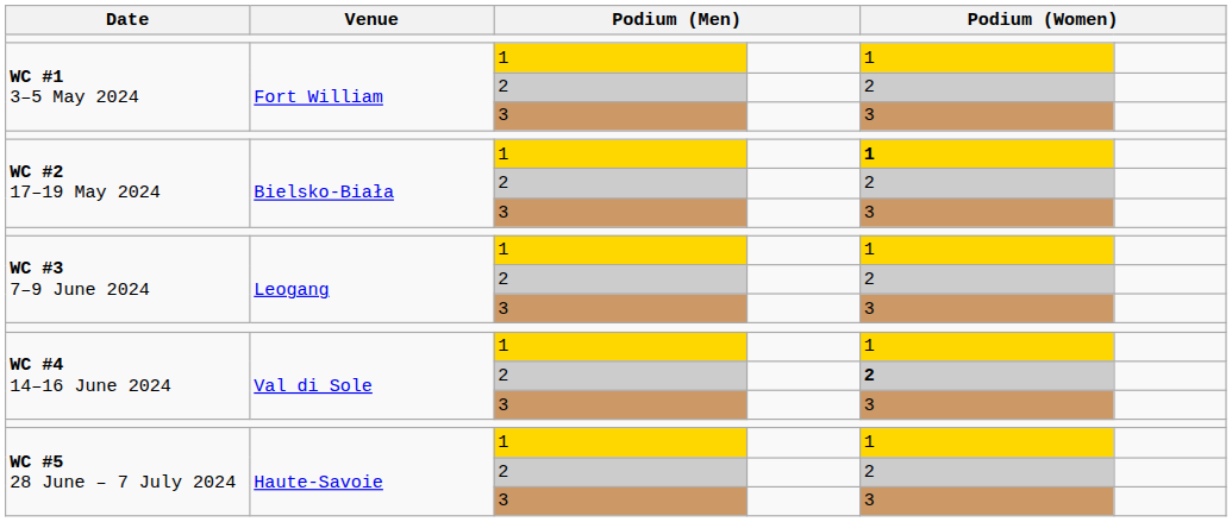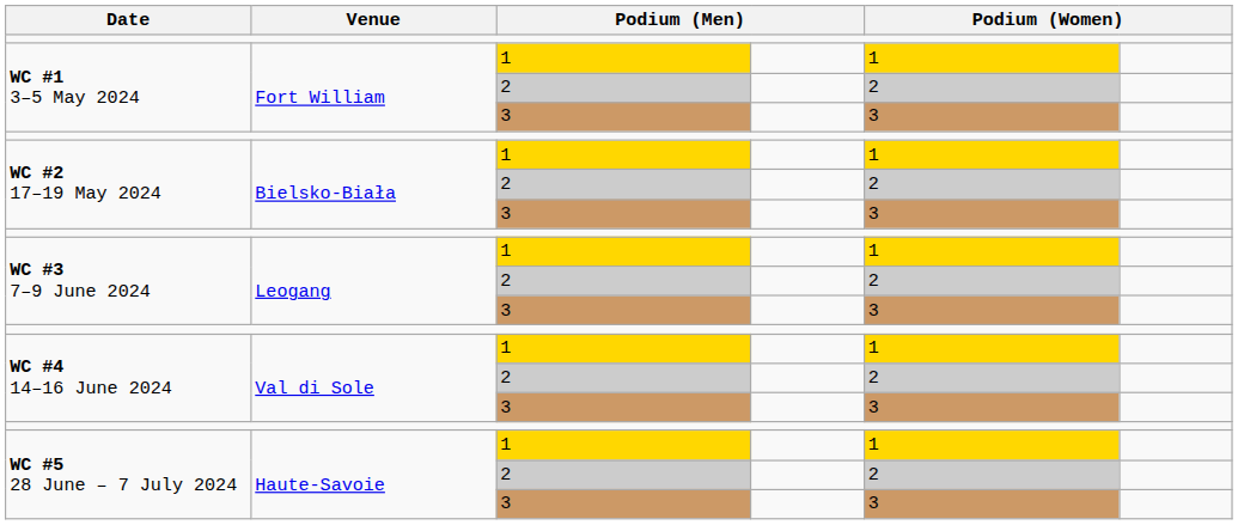 <table class="wikitable" width=70%>
 <tr>
 <th>Date</th>
 <th width=20%>Venue</th>
 <th colspan=2 width=30%>Podium (Men)</th>
 <th colspan=2 width=30%>Podium (Women)</th>
 </tr>
 <tr>
 <td colspan=6></td>
 </tr>
 <tr>
 <td rowspan=3><strong>WC #1</strong> <br> 3–5 May 2024</td>
 <td rowspan=3><br><a href='#'>Fort William</a></td>
 <td bgcolor=FFD700>1</td>
 <td></td>
 <td bgcolor=FFD700>1</td>
 <td></td>
 </tr>
 <tr>
 <td bgcolor=CCCCCC>2</td>
 <td></td>
 <td bgcolor=CCCCCC>2</td>
 <td></td>
 </tr>
 <tr>
 <td bgcolor=CC9966>3</td>
 <td></td>
 <td bgcolor=CC9966>3</td>
 <td></td>
 </tr>
 <tr>
 <td colspan=6></td>
 </tr>
 <tr>
 <td rowspan=3><strong>WC #2</strong> <br> 17–19 May 2024</td>
 <td rowspan=3><br><a href='#'>Bielsko-Biała</a></td>
 <td bgcolor=FFD700>1</td>
 <td></td>
-<td bgcolor=FFD700><strong>1</strong></td>
+<td bgcolor=FFD700>1</td>
 <td></td>
 </tr>
 <tr>
 <td bgcolor=CCCCCC>2</td>
 <td></td>
 <td bgcolor=CCCCCC>2</td>
 <td></td>
 </tr>
 <tr>
 <td bgcolor=CC9966>3</td>
 <td></td>
 <td bgcolor=CC9966>3</td>
 <td></td>
 </tr>
 <tr>
 <td colspan=6></td>
 </tr>
 <tr>
 <td rowspan=3><strong>WC #3</strong> <br> 7–9 June 2024</td>
 <td rowspan=3><br><a href='#'>Leogang</a></td>
 <td bgcolor=FFD700>1</td>
 <td></td>
 <td bgcolor=FFD700>1</td>
 <td></td>
 </tr>
 <tr>
 <td bgcolor=CCCCCC>2</td>
 <td></td>
 <td bgcolor=CCCCCC>2</td>
 <td></td>
 </tr>
 <tr>
 <td bgcolor=CC9966>3</td>
 <td></td>
 <td bgcolor=CC9966>3</td>
 <td></td>
 </tr>
 <tr>
 <td colspan=6></td>
 </tr>
 <tr>
 <td rowspan=3><strong>WC #4</strong> <br> 14–16 June 2024</td>
 <td rowspan=3><br><a href='#'>Val di Sole</a></td>
 <td bgcolor=FFD700>1</td>
 <td></td>
 <td bgcolor=FFD700>1</td>
 <td></td>
 </tr>
 <tr>
 <td bgcolor=CCCCCC>2</td>
 <td></td>
-<td bgcolor=CCCCCC><strong>2</strong></td>
+<td bgcolor=CCCCCC>2</td>
 <td></td>
 </tr>
 <tr>
 <td bgcolor=CC9966>3</td>
 <td></td>
 <td bgcolor=CC9966>3</td>
 <td></td>
 </tr>
 <tr>
 <td colspan=6></td>
 </tr>
 <tr>
 <td rowspan=3><strong>WC #5</strong> <br> 28 June – 7 July 2024</td>
 <td rowspan=3><br><a href='#'>Haute-Savoie</a></td>
 <td bgcolor=FFD700>1</td>
 <td></td>
 <td bgcolor=FFD700>1</td>
 <td></td>
 </tr>
 <tr>
 <td bgcolor=CCCCCC>2</td>
 <td></td>
 <td bgcolor=CCCCCC>2</td>
 <td></td>
 </tr>
 <tr>
 <td bgcolor=CC9966>3</td>
 <td></td>
 <td bgcolor=CC9966>3</td>
 <td></td>
 </tr>
 </table>
